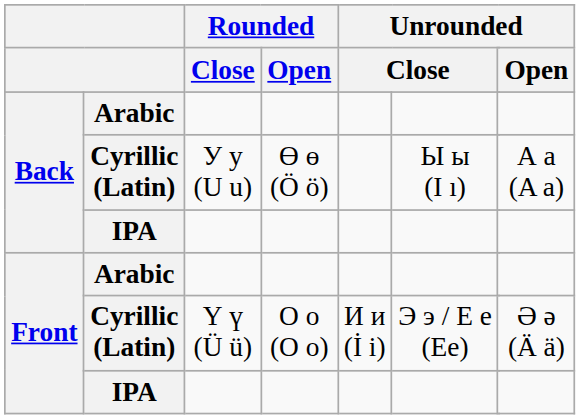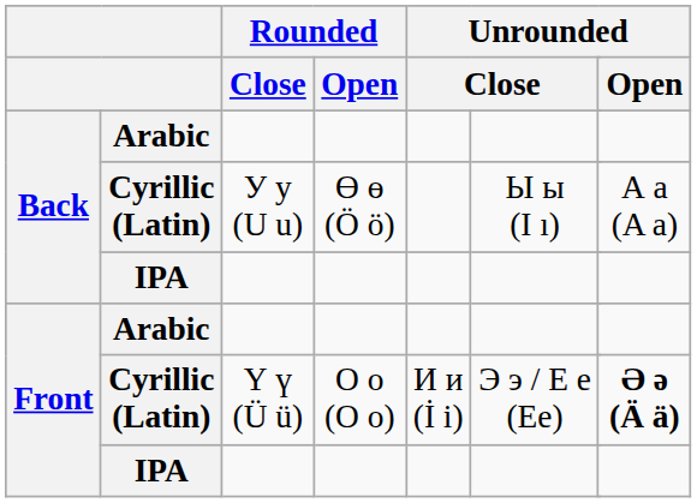 <table class="wikitable" style="text-align:center;">
 <tr>
 <th colspan=2></th>
 <th colspan=2><a href='#'>Rounded</a></th>
 <th colspan=4>Unrounded</th>
 </tr>
 <tr>
 <th colspan=2></th>
 <th><a href='#'>Close</a></th>
 <th><a href='#'>Open</a></th>
 <th colspan=3>Close</th>
 <th colspan=2>Open</th>
 </tr>
 <tr>
 <th rowspan=3><a href='#'>Back</a></th>
 <th>Arabic</th>
 <td></td>
 <td></td>
 <td colspan=1></td>
 <td colspan=2></td>
 <td colspan=1></td>
 </tr>
 <tr>
 <th>Cyrillic<br>(Latin)</th>
 <td>У у<br>(U u)</td>
 <td>Ө ө<br>(Ö ö)</td>
 <td colspan=1></td>
 <td colspan=2>Ы ы<br>(I ı)</td>
 <td colspan=1>А а<br>(A a)</td>
 </tr>
 <tr>
 <th>IPA</th>
 <td></td>
 <td></td>
 <td colspan=1></td>
 <td colspan=2></td>
 <td colspan=1></td>
 </tr>
 <tr>
 <th rowspan=3><a href='#'>Front</a></th>
 <th>Arabic</th>
 <td></td>
 <td></td>
 <td colspan=1></td>
 <td colspan=2></td>
 <td></td>
 </tr>
 <tr>
 <th>Cyrillic<br>(Latin)</th>
 <td>Ү ү<br>(Ü ü)</td>
 <td>О о<br>(O o)</td>
 <td colspan=1>И и<br>(İ i)</td>
 <td colspan=2>Э э / Е е<br>(Ee)</td>
-<td>Ә ә<br>(Ä ä)</td>
+<td><strong>Ә ә<br>(Ä ä)</strong></td>
 </tr>
 <tr>
 <th>IPA</th>
 <td colspan=1></td>
 <td colspan=1></td>
 <td colspan=1></td>
 <td colspan=2></td>
 <td colspan=1></td>
 </tr>
 </table>
